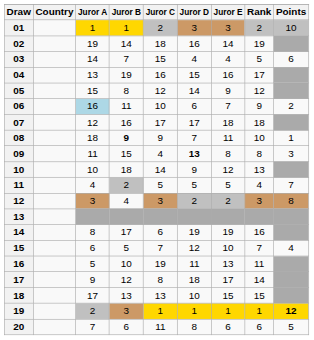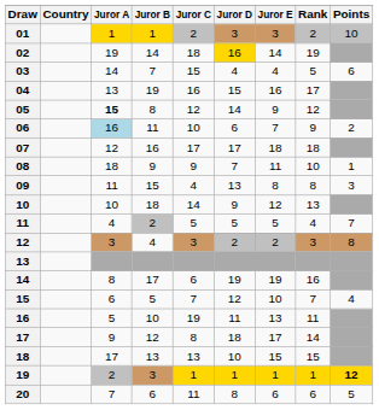 <table class="sortable wikitable collapsible plainrowheaders" style="text-align:center;">
 <tr>
 </tr>
 <tr>
 <th scope="col">Draw</th>
 <th scope="col">Country</th>
 <th scope="col"><small>Juror A</small></th>
 <th scope="col"><small>Juror B</small></th>
 <th scope="col"><small>Juror C</small></th>
 <th scope="col"><small>Juror D</small></th>
 <th scope="col"><small>Juror E</small></th>
 <th scope="col">Rank</th>
 <th scope="col">Points</th>
 </tr>
 <tr>
 <th scope="row" style="text-align:center;">01</th>
 <td style="text-align:left;"></td>
 <td style="background:gold;">1</td>
 <td style="background:gold;">1</td>
 <td style="background:silver;">2</td>
 <td style="background:#CC9966;">3</td>
 <td style="background:#CC9966;">3</td>
 <td style="background:silver;">2</td>
 <td style="background:silver;">10</td>
 </tr>
 <tr>
 <th scope="row" style="text-align:center;">02</th>
 <td style="text-align:left;"></td>
 <td>19</td>
 <td>14</td>
 <td>18</td>
-<td>16</td>
+<td style="background: gold;">16</td>
 <td>14</td>
 <td>19</td>
 <td style="background:#AAAAAA;"></td>
 </tr>
 <tr>
 <th scope="row" style="text-align:center;">03</th>
 <td style="text-align:left;"></td>
 <td>14</td>
 <td>7</td>
 <td>15</td>
 <td>4</td>
 <td>4</td>
 <td>5</td>
 <td>6</td>
 </tr>
 <tr>
 <th scope="row" style="text-align:center;">04</th>
 <td style="text-align:left;"></td>
 <td>13</td>
 <td>19</td>
 <td>16</td>
 <td>15</td>
 <td>16</td>
 <td>17</td>
 <td style="background:#AAAAAA;"></td>
 </tr>
 <tr>
 <th scope="row" style="text-align:center;">05</th>
 <td style="text-align:left;"></td>
-<td>15</td>
+<td><strong>15</strong></td>
 <td>8</td>
 <td>12</td>
 <td>14</td>
 <td>9</td>
 <td>12</td>
 <td style="background:#AAAAAA;"></td>
 </tr>
 <tr>
 <th scope="row" style="text-align:center;">06</th>
 <td style="text-align:left;"></td>
 <td style="background: lightblue;">16</td>
 <td>11</td>
 <td>10</td>
 <td>6</td>
 <td>7</td>
 <td>9</td>
 <td>2</td>
 </tr>
 <tr>
 <th scope="row" style="text-align:center;">07</th>
 <td style="text-align:left;"></td>
 <td>12</td>
 <td>16</td>
 <td>17</td>
 <td>17</td>
 <td>18</td>
 <td>18</td>
 <td style="background:#AAAAAA;"></td>
 </tr>
 <tr>
 <th scope="row" style="text-align:center;">08</th>
 <td style="text-align:left;"></td>
 <td>18</td>
-<td><strong>9</strong></td>
+<td>9</td>
 <td>9</td>
 <td>7</td>
 <td>11</td>
 <td>10</td>
 <td>1</td>
 </tr>
 <tr>
 <th scope="row" style="text-align:center;">09</th>
 <td style="text-align:left;"></td>
 <td>11</td>
 <td>15</td>
 <td>4</td>
-<td><strong>13</strong></td>
+<td>13</td>
 <td>8</td>
 <td>8</td>
 <td>3</td>
 </tr>
 <tr>
 <th scope="row" style="text-align:center;">10</th>
 <td style="text-align:left;"></td>
 <td>10</td>
 <td>18</td>
 <td>14</td>
 <td>9</td>
 <td>12</td>
 <td>13</td>
 <td style="background:#AAAAAA;"></td>
 </tr>
 <tr>
 <th scope="row" style="text-align:center;">11</th>
 <td style="text-align:left;"></td>
 <td>4</td>
 <td style="background:silver;">2</td>
 <td>5</td>
 <td>5</td>
 <td>5</td>
 <td>4</td>
 <td>7</td>
 </tr>
 <tr>
 <th scope="row" style="text-align:center;">12</th>
 <td style="text-align:left;"></td>
 <td style="background:#CC9966;">3</td>
 <td>4</td>
 <td style="background:#CC9966;">3</td>
 <td style="background:silver;">2</td>
 <td style="background:silver;">2</td>
 <td style="background:#CC9966;">3</td>
 <td style="background:#CC9966;">8</td>
 </tr>
 <tr class="sortbottom">
 <th scope="row" style="text-align:center;">13</th>
 <td style="text-align:left;"></td>
 <td style="background:#AAAAAA;"></td>
 <td style="background:#AAAAAA;"></td>
 <td style="background:#AAAAAA;"></td>
 <td style="background:#AAAAAA;"></td>
 <td style="background:#AAAAAA;"></td>
 <td style="background:#AAAAAA;"></td>
 <td style="background:#AAAAAA;"></td>
 </tr>
 <tr>
 <th scope="row" style="text-align:center;">14</th>
 <td style="text-align:left;"></td>
 <td>8</td>
 <td>17</td>
 <td>6</td>
 <td>19</td>
 <td>19</td>
 <td>16</td>
 <td style="background:#AAAAAA;"></td>
 </tr>
 <tr>
 <th scope="row" style="text-align:center;">15</th>
 <td style="text-align:left;"></td>
 <td>6</td>
 <td>5</td>
 <td>7</td>
 <td>12</td>
 <td>10</td>
 <td>7</td>
 <td>4</td>
 </tr>
 <tr>
 <th scope="row" style="text-align:center;">16</th>
 <td style="text-align:left;"></td>
 <td>5</td>
 <td>10</td>
 <td>19</td>
 <td>11</td>
 <td>13</td>
 <td>11</td>
 <td style="background:#AAAAAA;"></td>
 </tr>
 <tr>
 <th scope="row" style="text-align:center;">17</th>
 <td style="text-align:left;"></td>
 <td>9</td>
 <td>12</td>
 <td>8</td>
 <td>18</td>
 <td>17</td>
 <td>14</td>
 <td style="background:#AAAAAA;"></td>
 </tr>
 <tr>
 <th scope="row" style="text-align:center;">18</th>
 <td style="text-align:left;"></td>
 <td>17</td>
 <td>13</td>
 <td>13</td>
 <td>10</td>
 <td>15</td>
 <td>15</td>
 <td style="background:#AAAAAA;"></td>
 </tr>
 <tr>
 <th scope="row" style="text-align:center;">19</th>
 <td style="text-align:left;"></td>
 <td style="background:silver;">2</td>
 <td style="background:#CC9966;">3</td>
 <td style="background:gold;">1</td>
 <td style="background:gold;">1</td>
 <td style="background:gold;">1</td>
 <td style="background:gold;">1</td>
 <td style="background:gold;"><strong>12</strong></td>
 </tr>
 <tr>
 <th scope="row" style="text-align:center;">20</th>
 <td style="text-align:left;"></td>
 <td>7</td>
 <td>6</td>
 <td>11</td>
 <td>8</td>
 <td>6</td>
 <td>6</td>
 <td>5</td>
 </tr>
 </table>
